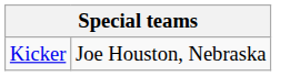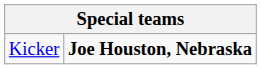 <table class="wikitable">
 <tr>
 <th colspan="6">Special teams</th>
 </tr>
 <tr>
 <td><a href='#'>Kicker</a></td>
-<td>Joe Houston, Nebraska</td>
+<td><strong>Joe Houston, Nebraska</strong></td>
 </tr>
 </table>
